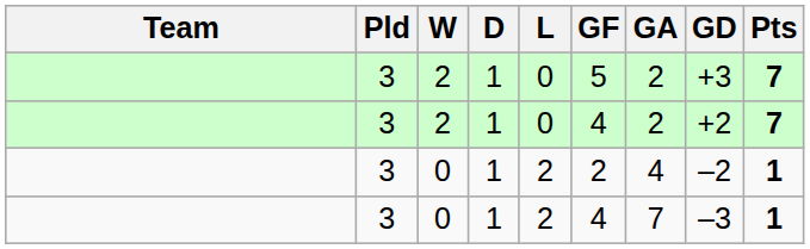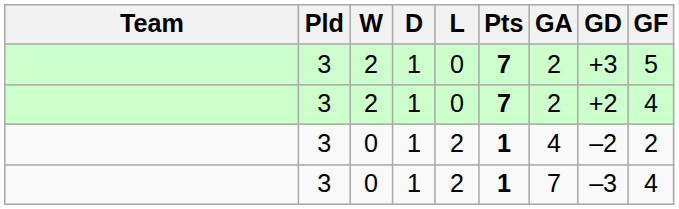 <table class="wikitable" style="text-align:center;">
 <tr>
 <th width=180>Team</th>
 <th width=20>Pld</th>
 <th width=20>W</th>
 <th width=20>D</th>
 <th width=20>L</th>
-<th width=20>GF</th>
+<th width=20>Pts</th>
 <th width=20>GA</th>
 <th width=20>GD</th>
-<th width=20>Pts</th>
+<th width=20>GF</th>
 </tr>
 <tr bgcolor=#ccffcc>
 <td align="left"></td>
 <td>3</td>
 <td>2</td>
 <td>1</td>
 <td>0</td>
-<td>5</td>
+<td><strong>7</strong></td>
 <td>2</td>
 <td>+3</td>
-<td><strong>7</strong></td>
+<td>5</td>
 </tr>
 <tr bgcolor=#ccffcc>
 <td align="left"><em></em></td>
 <td>3</td>
 <td>2</td>
 <td>1</td>
 <td>0</td>
-<td>4</td>
+<td><strong>7</strong></td>
 <td>2</td>
 <td>+2</td>
-<td><strong>7</strong></td>
+<td>4</td>
 </tr>
 <tr>
 <td align="left"></td>
 <td>3</td>
 <td>0</td>
 <td>1</td>
 <td>2</td>
-<td>2</td>
+<td><strong>1</strong></td>
 <td>4</td>
 <td>–2</td>
-<td><strong>1</strong></td>
+<td>2</td>
 </tr>
 <tr>
 <td align="left"></td>
 <td>3</td>
 <td>0</td>
 <td>1</td>
 <td>2</td>
-<td>4</td>
+<td><strong>1</strong></td>
 <td>7</td>
 <td>–3</td>
-<td><strong>1</strong></td>
+<td>4</td>
 </tr>
 </table>
